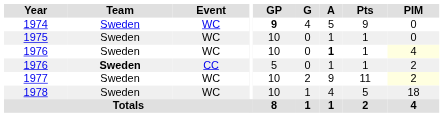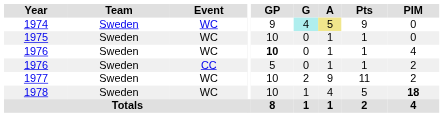 <table border="0" cellpadding="1" cellspacing="0" ID="Table3" style="text-align:center; width:40em">
 <tr bgcolor="#e0e0e0">
 <th>Year</th>
 <th>Team</th>
 <th>Event</th>
 <th rowspan="102" bgcolor="#ffffff"></th>
 <th>GP</th>
 <th>G</th>
 <th>A</th>
 <th>Pts</th>
 <th>PIM</th>
 </tr>
 <tr>
 <td><a href='#'>1974</a></td>
 <td><a href='#'>Sweden</a></td>
 <td><a href='#'>WC</a></td>
-<td><strong>9</strong></td>
-<td>4</td>
-<td>5</td>
+<td>9</td>
+<td style="background: paleturquoise;">4</td>
+<td style="background: khaki;">5</td>
 <td>9</td>
 <td>0</td>
 </tr>
 <tr bgcolor="#f0f0f0">
 <td><a href='#'>1975</a></td>
 <td>Sweden</td>
 <td>WC</td>
 <td>10</td>
 <td>0</td>
 <td>1</td>
 <td>1</td>
 <td>0</td>
 </tr>
 <tr>
 <td><a href='#'>1976</a></td>
 <td>Sweden</td>
 <td>WC</td>
-<td>10</td>
+<td><strong>10</strong></td>
 <td>0</td>
-<td><strong>1</strong></td>
 <td>1</td>
-<td style="background: lightyellow;">4</td>
+<td>1</td>
+<td>4</td>
 </tr>
 <tr bgcolor="#f0f0f0">
 <td><a href='#'>1976</a></td>
-<td><strong>Sweden</strong></td>
+<td>Sweden</td>
 <td><a href='#'>CC</a></td>
 <td>5</td>
 <td>0</td>
 <td>1</td>
 <td>1</td>
 <td>2</td>
 </tr>
 <tr>
 <td><a href='#'>1977</a></td>
 <td>Sweden</td>
 <td>WC</td>
 <td>10</td>
 <td>2</td>
 <td>9</td>
 <td>11</td>
-<td style="background: lightyellow;">2</td>
+<td>2</td>
 </tr>
 <tr bgcolor="#f0f0f0">
 <td><a href='#'>1978</a></td>
 <td>Sweden</td>
 <td>WC</td>
 <td>10</td>
 <td>1</td>
 <td>4</td>
 <td>5</td>
-<td>18</td>
+<td><strong>18</strong></td>
 </tr>
 <tr bgcolor="#e0e0e0">
 <th colspan="4">Totals</th>
 <th>8</th>
 <th>1</th>
 <th>1</th>
 <th>2</th>
 <th>4</th>
 </tr>
 </table>
